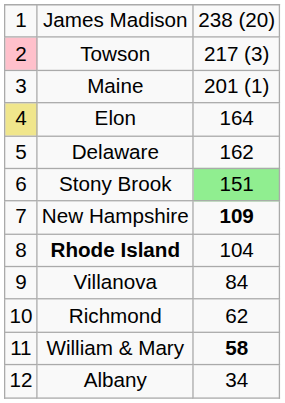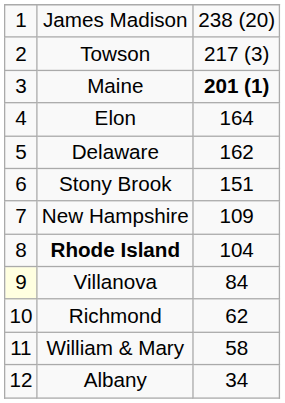 <table class="wikitable">
 <tr align="center">
 </tr>
 <tr align="center">
 <td>1</td>
 <td>James Madison</td>
 <td>238 (20)</td>
 </tr>
 <tr align="center">
-<td style="background: pink;">2</td>
+<td>2</td>
 <td>Towson</td>
 <td>217 (3)</td>
 </tr>
 <tr align="center">
 <td>3</td>
 <td>Maine</td>
-<td>201 (1)</td>
+<td><strong>201 (1)</strong></td>
 </tr>
 <tr align="center">
-<td style="background: khaki;">4</td>
+<td>4</td>
 <td>Elon</td>
 <td>164</td>
 </tr>
 <tr align="center">
 <td>5</td>
 <td>Delaware</td>
 <td>162</td>
 </tr>
 <tr align="center">
 <td>6</td>
 <td>Stony Brook</td>
-<td style="background: lightgreen;">151</td>
+<td>151</td>
 </tr>
 <tr align="center">
 <td>7</td>
 <td>New Hampshire</td>
-<td><strong>109</strong></td>
+<td>109</td>
 </tr>
 <tr align="center">
 <td>8</td>
 <td><strong>Rhode Island</strong></td>
 <td>104</td>
 </tr>
 <tr align="center">
-<td>9</td>
+<td style="background: lightyellow;">9</td>
 <td>Villanova</td>
 <td>84</td>
 </tr>
 <tr align="center">
 <td>10</td>
 <td>Richmond</td>
 <td>62</td>
 </tr>
 <tr align="center">
 <td>11</td>
 <td>William & Mary</td>
-<td><strong>58</strong></td>
+<td>58</td>
 </tr>
 <tr align="center">
 <td>12</td>
 <td>Albany</td>
 <td>34</td>
 </tr>
 </table>
